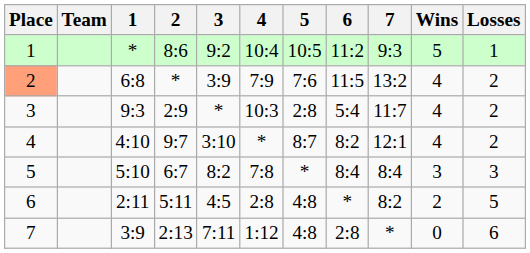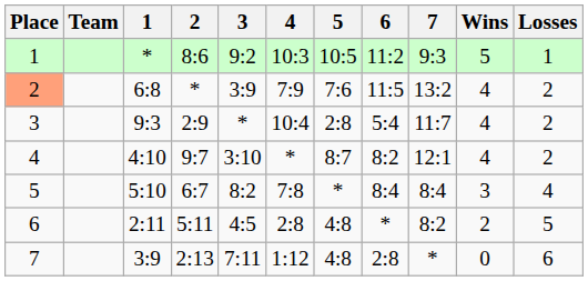 <table class="wikitable" style="text-align:center;">
 <tr>
 <th>Place</th>
 <th>Team</th>
 <th width="25">1</th>
 <th width="25">2</th>
 <th width="25">3</th>
 <th width="25">4</th>
 <th width="25">5</th>
 <th width="25">6</th>
 <th width="25">7</th>
 <th>Wins</th>
 <th>Losses</th>
 </tr>
 <tr bgcolor=#cfc>
 <td>1</td>
 <td align=left></td>
 <td>*</td>
 <td>8:6</td>
 <td>9:2</td>
-<td>10:4</td>
+<td>10:3</td>
 <td>10:5</td>
 <td>11:2</td>
 <td>9:3</td>
 <td>5</td>
 <td>1</td>
 </tr>
 <tr>
 <td style="background: lightsalmon;">2</td>
 <td align=left></td>
 <td>6:8</td>
 <td>*</td>
 <td>3:9</td>
 <td>7:9</td>
 <td>7:6</td>
 <td>11:5</td>
 <td>13:2</td>
 <td>4</td>
 <td>2</td>
 </tr>
 <tr>
 <td>3</td>
 <td align=left></td>
 <td>9:3</td>
 <td>2:9</td>
 <td>*</td>
-<td>10:3</td>
+<td>10:4</td>
 <td>2:8</td>
 <td>5:4</td>
 <td>11:7</td>
 <td>4</td>
 <td>2</td>
 </tr>
 <tr>
 <td>4</td>
 <td align=left></td>
 <td>4:10</td>
 <td>9:7</td>
 <td>3:10</td>
 <td>*</td>
 <td>8:7</td>
 <td>8:2</td>
 <td>12:1</td>
 <td>4</td>
 <td>2</td>
 </tr>
 <tr>
 <td>5</td>
 <td align=left></td>
 <td>5:10</td>
 <td>6:7</td>
 <td>8:2</td>
 <td>7:8</td>
 <td>*</td>
 <td>8:4</td>
 <td>8:4</td>
 <td>3</td>
-<td>3</td>
+<td>4</td>
 </tr>
 <tr>
 <td>6</td>
 <td align=left></td>
 <td>2:11</td>
 <td>5:11</td>
 <td>4:5</td>
 <td>2:8</td>
 <td>4:8</td>
 <td>*</td>
 <td>8:2</td>
 <td>2</td>
 <td>5</td>
 </tr>
 <tr>
 <td>7</td>
 <td align=left></td>
 <td>3:9</td>
 <td>2:13</td>
 <td>7:11</td>
 <td>1:12</td>
 <td>4:8</td>
 <td>2:8</td>
 <td>*</td>
 <td>0</td>
 <td>6</td>
 </tr>
 </table>
